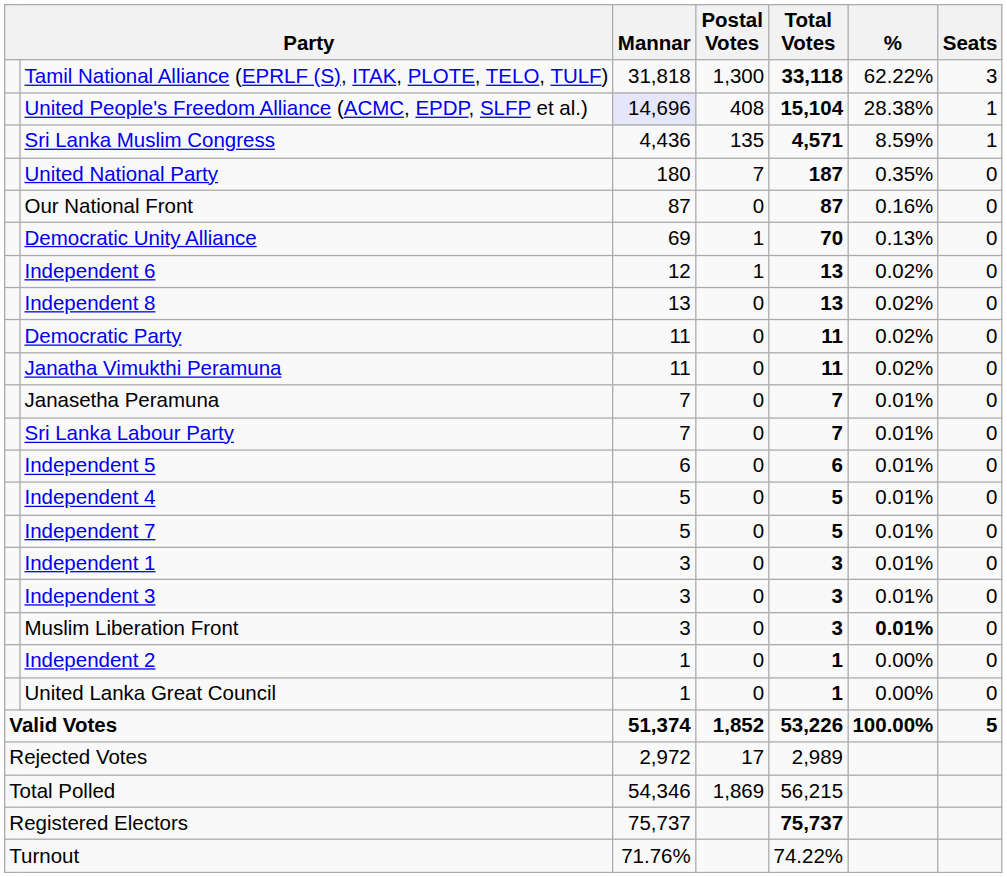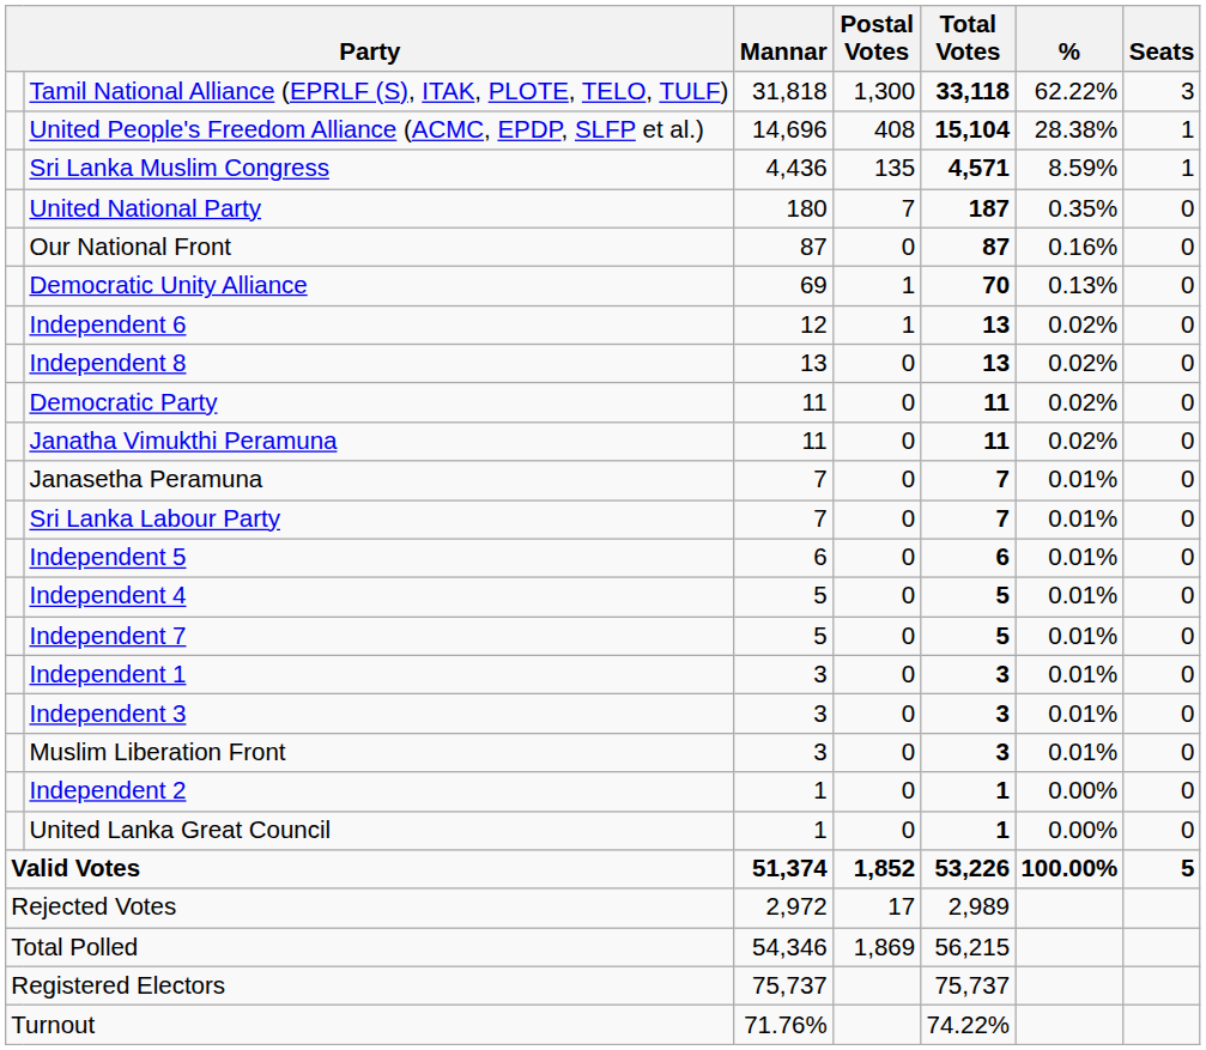 <table class="wikitable" border="1" style="text-align:right;">
 <tr>
 <th align=left valign=bottom colspan=2>Party</th>
 <th align=center valign=bottom width="50">Mannar</th>
 <th align=center valign=bottom width="50">Postal<br>Votes</th>
 <th align=center valign=bottom width="50">Total Votes</th>
 <th align=center valign=bottom width="50">%</th>
 <th align=center valign=bottom width="40">Seats</th>
 </tr>
 <tr>
 <td bgcolor=> </td>
 <td align=left><a href='#'>Tamil National Alliance</a> (<a href='#'>EPRLF (S)</a>, <a href='#'>ITAK</a>, <a href='#'>PLOTE</a>, <a href='#'>TELO</a>, <a href='#'>TULF</a>)</td>
 <td>31,818</td>
 <td>1,300</td>
 <td><strong>33,118</strong></td>
 <td>62.22%</td>
 <td>3</td>
 </tr>
 <tr>
 <td bgcolor=> </td>
 <td align=left><a href='#'>United People's Freedom Alliance</a> (<a href='#'>ACMC</a>, <a href='#'>EPDP</a>, <a href='#'>SLFP</a> et al.)</td>
-<td style="background: lavender;">14,696</td>
+<td>14,696</td>
 <td>408</td>
 <td><strong>15,104</strong></td>
 <td>28.38%</td>
 <td>1</td>
 </tr>
 <tr>
 <td bgcolor=> </td>
 <td align=left><a href='#'>Sri Lanka Muslim Congress</a></td>
 <td>4,436</td>
 <td>135</td>
 <td><strong>4,571</strong></td>
 <td>8.59%</td>
 <td>1</td>
 </tr>
 <tr>
 <td bgcolor=> </td>
 <td align=left><a href='#'>United National Party</a></td>
 <td>180</td>
 <td>7</td>
 <td><strong>187</strong></td>
 <td>0.35%</td>
 <td>0</td>
 </tr>
 <tr>
 <td></td>
 <td align=left>Our National Front</td>
 <td>87</td>
 <td>0</td>
 <td><strong>87</strong></td>
 <td>0.16%</td>
 <td>0</td>
 </tr>
 <tr>
 <td bgcolor=> </td>
 <td align=left><a href='#'>Democratic Unity Alliance</a></td>
 <td>69</td>
 <td>1</td>
 <td><strong>70</strong></td>
 <td>0.13%</td>
 <td>0</td>
 </tr>
 <tr>
 <td bgcolor=> </td>
 <td align=left><a href='#'>Independent 6</a></td>
 <td>12</td>
 <td>1</td>
 <td><strong>13</strong></td>
 <td>0.02%</td>
 <td>0</td>
 </tr>
 <tr>
 <td bgcolor=> </td>
 <td align=left><a href='#'>Independent 8</a></td>
 <td>13</td>
 <td>0</td>
 <td><strong>13</strong></td>
 <td>0.02%</td>
 <td>0</td>
 </tr>
 <tr>
 <td bgcolor=> </td>
 <td align=left><a href='#'>Democratic Party</a></td>
 <td>11</td>
 <td>0</td>
 <td><strong>11</strong></td>
 <td>0.02%</td>
 <td>0</td>
 </tr>
 <tr>
 <td bgcolor=> </td>
 <td align=left><a href='#'>Janatha Vimukthi Peramuna</a></td>
 <td>11</td>
 <td>0</td>
 <td><strong>11</strong></td>
 <td>0.02%</td>
 <td>0</td>
 </tr>
 <tr>
 <td></td>
 <td align=left>Janasetha Peramuna</td>
 <td>7</td>
 <td>0</td>
 <td><strong>7</strong></td>
 <td>0.01%</td>
 <td>0</td>
 </tr>
 <tr>
 <td></td>
 <td align=left><a href='#'>Sri Lanka Labour Party</a></td>
 <td>7</td>
 <td>0</td>
 <td><strong>7</strong></td>
 <td>0.01%</td>
 <td>0</td>
 </tr>
 <tr>
 <td bgcolor=> </td>
 <td align=left><a href='#'>Independent 5</a></td>
 <td>6</td>
 <td>0</td>
 <td><strong>6</strong></td>
 <td>0.01%</td>
 <td>0</td>
 </tr>
 <tr>
 <td bgcolor=> </td>
 <td align=left><a href='#'>Independent 4</a></td>
 <td>5</td>
 <td>0</td>
 <td><strong>5</strong></td>
 <td>0.01%</td>
 <td>0</td>
 </tr>
 <tr>
 <td bgcolor=> </td>
 <td align=left><a href='#'>Independent 7</a></td>
 <td>5</td>
 <td>0</td>
 <td><strong>5</strong></td>
 <td>0.01%</td>
 <td>0</td>
 </tr>
 <tr>
 <td bgcolor=> </td>
 <td align=left><a href='#'>Independent 1</a></td>
 <td>3</td>
 <td>0</td>
 <td><strong>3</strong></td>
 <td>0.01%</td>
 <td>0</td>
 </tr>
 <tr>
 <td bgcolor=> </td>
 <td align=left><a href='#'>Independent 3</a></td>
 <td>3</td>
 <td>0</td>
 <td><strong>3</strong></td>
 <td>0.01%</td>
 <td>0</td>
 </tr>
 <tr>
 <td></td>
 <td align=left>Muslim Liberation Front</td>
 <td>3</td>
 <td>0</td>
 <td><strong>3</strong></td>
-<td><strong>0.01%</strong></td>
+<td>0.01%</td>
 <td>0</td>
 </tr>
 <tr>
 <td bgcolor=> </td>
 <td align=left><a href='#'>Independent 2</a></td>
 <td>1</td>
 <td>0</td>
 <td><strong>1</strong></td>
 <td>0.00%</td>
 <td>0</td>
 </tr>
 <tr>
 <td></td>
 <td align=left>United Lanka Great Council</td>
 <td>1</td>
 <td>0</td>
 <td><strong>1</strong></td>
 <td>0.00%</td>
 <td>0</td>
 </tr>
 <tr style="font-weight:bold">
 <td align=left colspan=2>Valid Votes</td>
 <td>51,374</td>
 <td>1,852</td>
 <td>53,226</td>
 <td>100.00%</td>
 <td>5</td>
 </tr>
 <tr>
 <td align=left colspan=2>Rejected Votes</td>
 <td>2,972</td>
 <td>17</td>
 <td>2,989</td>
 <td></td>
 <td></td>
 </tr>
 <tr>
 <td align=left colspan=2>Total Polled</td>
 <td>54,346</td>
 <td>1,869</td>
 <td>56,215</td>
 <td></td>
 <td></td>
 </tr>
 <tr>
 <td align=left colspan=2>Registered Electors</td>
 <td>75,737</td>
 <td></td>
-<td><strong>75,737</strong></td>
+<td>75,737</td>
 <td></td>
 <td></td>
 </tr>
 <tr>
 <td align=left colspan=2>Turnout</td>
 <td>71.76%</td>
 <td></td>
 <td>74.22%</td>
 <td></td>
 <td></td>
 </tr>
 </table>
